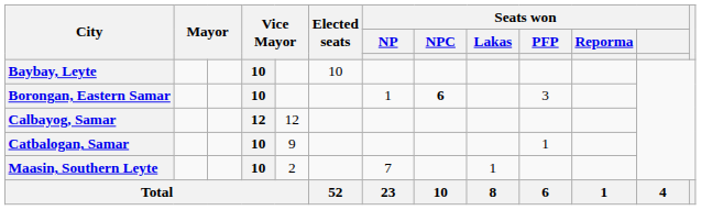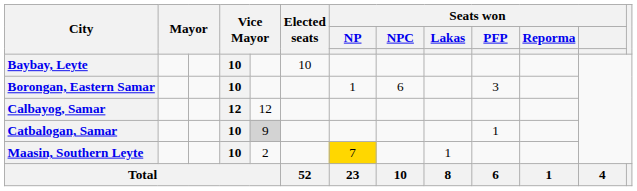 <table class="wikitable" style="text-align:center; font-size: 0.9em;">
 <tr>
 <th rowspan="3">City</th>
 <th colspan="2" rowspan="3" style="width:60px;">Mayor</th>
 <th colspan="2" rowspan="3" style="width:60px;">Vice Mayor</th>
 <th rowspan="3">Elected<br>seats</th>
 <th colspan="6">Seats won</th>
 <th rowspan="3"></th>
 </tr>
 <tr>
 <th class="unsortable" style="width:45px;"><a href='#'>NP</a></th>
 <th class="unsortable" style="width:45px;"><a href='#'>NPC</a></th>
 <th class="unsortable" style="width:45px;"><a href='#'>Lakas</a></th>
 <th class="unsortable" style="width:45px;"><a href='#'>PFP</a></th>
 <th class="unsortable" style="width:45px;"><a href='#'>Reporma</a></th>
 <th class="unsortable" style="width:45px;"></th>
 </tr>
 <tr>
 <th style="color:inherit;background:"></th>
 <th style="color:inherit;background:"></th>
 <th style="color:inherit;background:"></th>
 <th style="color:inherit;background:"></th>
 <th style="color:inherit;background:"></th>
 <th style="color:inherit;background:"></th>
 </tr>
 <tr>
 <th style="text-align: left;"><a href='#'>Baybay, Leyte</a></th>
 <td></td>
 <td></td>
 <th>10</th>
 <td></td>
 <td>10</td>
 <td></td>
 <td></td>
 <td></td>
 <td></td>
 <td></td>
 </tr>
 <tr>
 <th style="text-align: left;"><a href='#'>Borongan, Eastern Samar</a></th>
 <td></td>
 <td></td>
 <th>10</th>
 <td></td>
 <td></td>
 <td>1</td>
-<td><strong>6</strong></td>
+<td>6</td>
 <td></td>
 <td>3</td>
 <td></td>
 </tr>
 <tr>
 <th style="text-align: left;"><a href='#'>Calbayog, Samar</a></th>
 <td></td>
 <td></td>
 <th>12</th>
 <td>12</td>
 <td></td>
 <td></td>
 <td></td>
 <td></td>
 <td></td>
 <td></td>
 </tr>
 <tr>
 <th style="text-align: left;"><a href='#'>Catbalogan, Samar</a></th>
 <td></td>
 <td></td>
 <th>10</th>
-<td>9</td>
+<td style="background: lightgrey;">9</td>
 <td></td>
 <td></td>
 <td></td>
 <td></td>
 <td>1</td>
 <td></td>
 </tr>
 <tr>
 <th style="text-align: left;"><a href='#'>Maasin, Southern Leyte</a></th>
 <td></td>
 <td></td>
 <th>10</th>
 <td>2</td>
 <td></td>
-<td>7</td>
+<td style="background: gold;">7</td>
 <td></td>
 <td>1</td>
 <td></td>
 <td></td>
 </tr>
 <tr>
 <th colspan="5">Total</th>
 <th>52</th>
 <th>23</th>
 <th>10</th>
 <th>8</th>
 <th>6</th>
 <th>1</th>
 <th>4</th>
 <th></th>
 </tr>
 </table>
